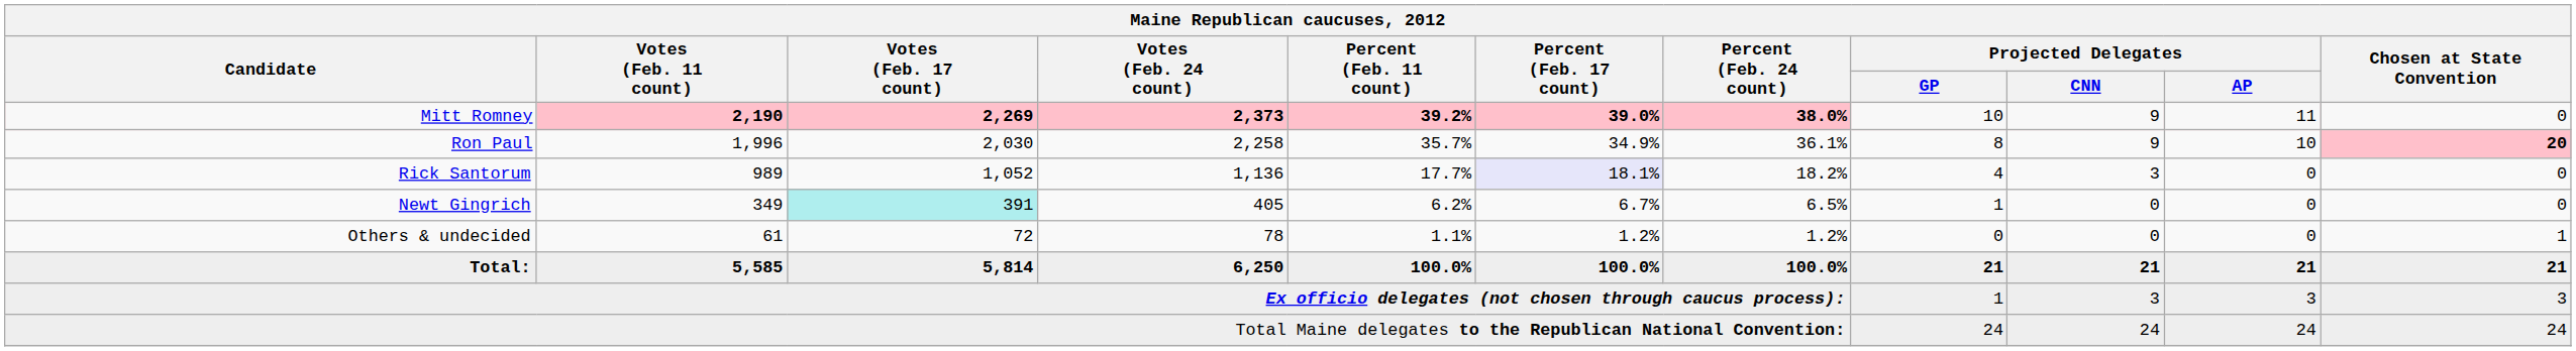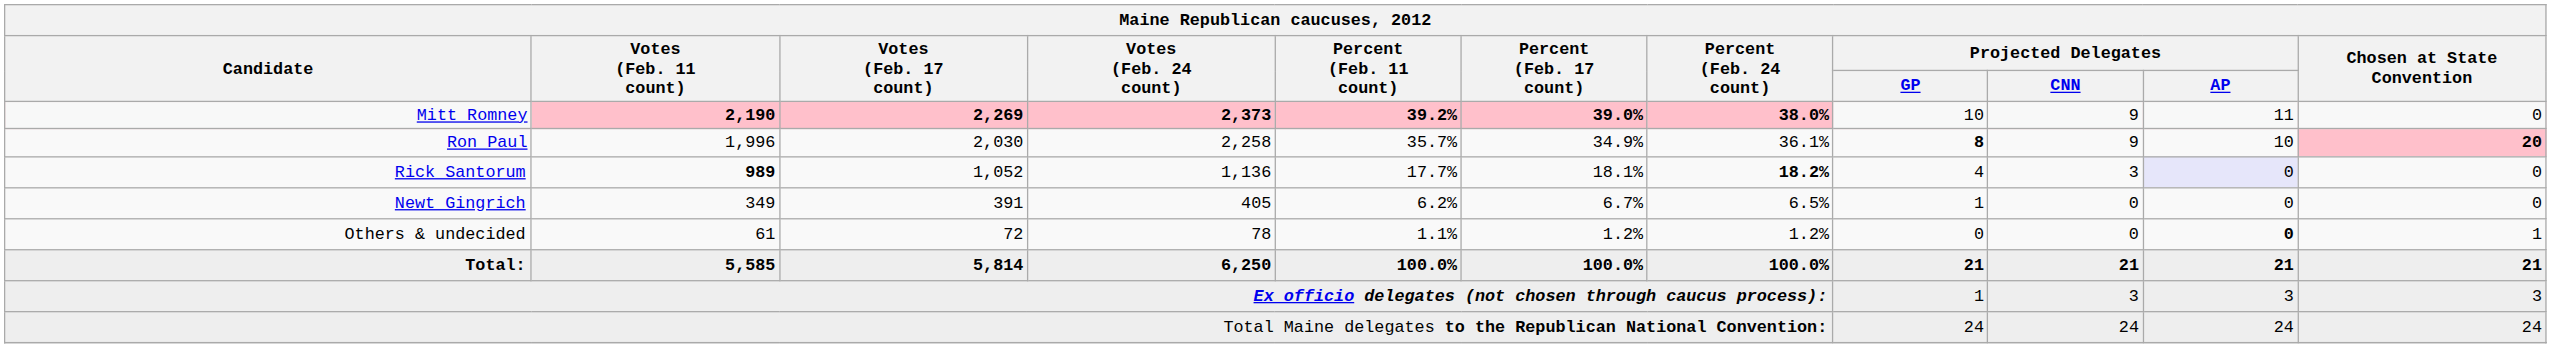 <table class="wikitable">
 <tr>
 <th colspan="11" style="padding:4px;">Maine Republican caucuses, 2012</th>
 </tr>
 <tr bgcolor="#eeeeee">
 <th rowspan="2" style="width:17%">Candidate</th>
 <th rowspan="2" style="width:8%;">Votes<br> (Feb. 11<br> count)</th>
 <th rowspan="2" style="width:8%;">Votes<br> (Feb. 17<br> count)</th>
 <th rowspan="2" style="width:8%;">Votes<br> (Feb. 24<br> count)</th>
 <th rowspan="2" style="width:6%;">Percent<br> (Feb. 11<br> count)</th>
 <th rowspan="2" style="width:6%;">Percent<br> (Feb. 17<br> count)</th>
 <th rowspan="2" style="width:6%;">Percent<br> (Feb. 24<br> count)</th>
 <th colspan="3" style="width:15%; padding:4px;">Projected Delegates</th>
 <th rowspan="2" style="width:8%;">Chosen at State Convention </th>
 </tr>
 <tr bgcolor="#eeeeee">
 <th style="width:5%;"><a href='#'>GP</a></th>
 <th style="width:5%;"><a href='#'>CNN</a></th>
 <th style="width:5%;"><a href='#'>AP</a></th>
 </tr>
 <tr style="text-align:right; background:pink">
 <td style=" background:#f8f8f8"><a href='#'>Mitt Romney</a></td>
 <td><strong>2,190</strong></td>
 <td><strong>2,269</strong></td>
 <td><strong>2,373</strong></td>
 <td><strong>39.2%</strong></td>
 <td><strong>39.0%</strong></td>
 <td><strong>38.0%</strong></td>
 <td style="background:#f8f8f8">10</td>
 <td style="background:#f8f8f8">9</td>
 <td style="background:#f8f8f8">11</td>
 <td style="background:#f8f8f8">0</td>
 </tr>
 <tr style="text-align:right;">
 <td><a href='#'>Ron Paul</a></td>
 <td>1,996</td>
 <td>2,030</td>
 <td>2,258</td>
 <td>35.7%</td>
 <td>34.9%</td>
 <td>36.1%</td>
-<td>8</td>
+<td><strong>8</strong></td>
 <td>9</td>
 <td>10</td>
 <td bgcolor="pink"><strong>20</strong></td>
 </tr>
 <tr style="text-align:right;">
 <td style="padding:4px;"><a href='#'>Rick Santorum</a></td>
-<td>989</td>
+<td><strong>989</strong></td>
 <td>1,052</td>
 <td>1,136</td>
 <td>17.7%</td>
-<td style="background: lavender;">18.1%</td>
-<td>18.2%</td>
+<td>18.1%</td>
+<td><strong>18.2%</strong></td>
 <td>4</td>
 <td>3</td>
-<td>0</td>
+<td style="background: lavender;">0</td>
 <td>0</td>
 </tr>
 <tr style="text-align:right;">
 <td style=" padding:4px;"><a href='#'>Newt Gingrich</a></td>
 <td>349</td>
-<td style="background: paleturquoise;">391</td>
+<td>391</td>
 <td>405</td>
 <td>6.2%</td>
 <td>6.7%</td>
 <td>6.5%</td>
 <td>1</td>
 <td>0</td>
 <td>0</td>
 <td>0</td>
 </tr>
 <tr style="text-align:right;">
 <td style="padding:4px;">Others & undecided</td>
 <td>61</td>
 <td>72</td>
 <td>78</td>
 <td>1.1%</td>
 <td>1.2%</td>
 <td>1.2%</td>
 <td>0</td>
 <td>0</td>
-<td>0</td>
+<td><strong>0</strong></td>
 <td>1</td>
 </tr>
 <tr bgcolor="#eeeeee" style="text-align:right;">
 <td style="padding:4px;"><strong>Total:</strong></td>
 <td><strong>5,585</strong></td>
 <td><strong>5,814</strong></td>
 <td><strong>6,250</strong></td>
 <td><strong>100.0%</strong></td>
 <td><strong>100.0%</strong></td>
 <td><strong>100.0%</strong></td>
 <td><strong>21</strong></td>
 <td><strong>21</strong></td>
 <td><strong>21</strong></td>
 <td><strong>21</strong></td>
 </tr>
 <tr style="text-align:right; background:#eee;">
 <td colspan="7" style="padding:4px;"><strong><em><a href='#'>Ex officio</a><em> delegates<strong> (not chosen through caucus process):</td>
 <td></strong>1<strong></td>
 <td></strong>3<strong></td>
 <td></strong>3<strong></td>
 <td></strong>3<strong></td>
 </tr>
 <tr style="text-align:right; background:#eee;">
 <td colspan="7" style="padding:4px;"></strong>Total Maine delegates<strong> to the Republican National Convention:</td>
 <td></strong>24<strong></td>
 <td></strong>24<strong></td>
 <td></strong>24<strong></td>
 <td></strong>24<strong></td>
 </tr>
 <tr>
 </tr>
 <tr>
 </tr>
 </table>
